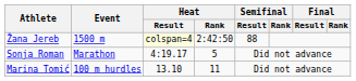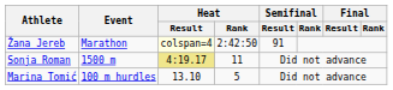 <table class="wikitable" style="font-size:90%">
 <tr>
 <th rowspan="2">Athlete</th>
 <th rowspan="2">Event</th>
 <th colspan="2">Heat</th>
 <th colspan="2">Semifinal</th>
 <th colspan="2">Final</th>
 </tr>
 <tr style="font-size:95%">
 <th>Result</th>
 <th>Rank</th>
 <th>Result</th>
 <th>Rank</th>
 <th>Result</th>
 <th>Rank</th>
 </tr>
 <tr align=center>
 <td align=left><a href='#'>Žana Jereb</a></td>
-<td align=left><a href='#'>1500 m</a></td>
+<td align=left><a href='#'>Marathon</a></td>
 <td style="background: lightyellow;">colspan=4 </td>
 <td>2:42:50</td>
-<td>88</td>
+<td>91</td>
 </tr>
 <tr align=center>
 <td align=left><a href='#'>Sonja Roman</a></td>
-<td align=left><a href='#'>Marathon</a></td>
-<td>4:19.17</td>
-<td>5</td>
+<td align=left><a href='#'>1500 m</a></td>
+<td style="background: khaki;">4:19.17</td>
+<td>11</td>
 <td colspan=4>Did not advance</td>
 </tr>
 <tr align=center>
 <td align=left><a href='#'>Marina Tomić</a></td>
 <td align=left><a href='#'>100 m hurdles</a></td>
 <td>13.10</td>
-<td>11</td>
+<td>5</td>
 <td colspan=4>Did not advance</td>
 </tr>
 </table>
